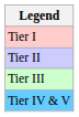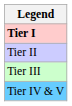 <table class=wikitable style=font-size:90%>
 <tr>
 <th>Legend</th>
 </tr>
 <tr>
-<td bgcolor=#ffcccc>Tier I</td>
+<td bgcolor=#ffcccc><strong>Tier I</strong></td>
 </tr>
 <tr>
 <td bgcolor=#ccccff>Tier II</td>
 </tr>
 <tr>
 <td bgcolor=#CCFFCC>Tier III</td>
 </tr>
 <tr>
 <td bgcolor=#66CCFF>Tier IV & V</td>
 </tr>
 </table>
